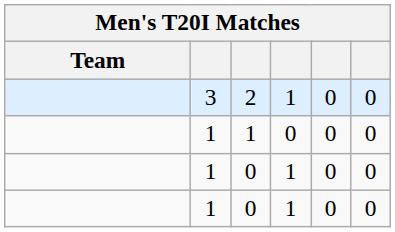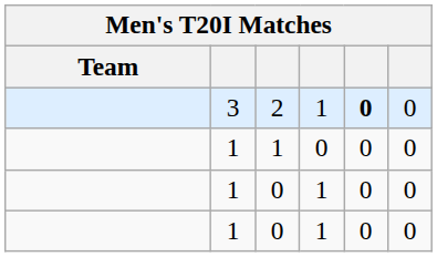 <table class="wikitable" style="text-align:center">
 <tr>
 <th colspan=6>Men's T20I Matches</th>
 </tr>
 <tr>
 <th width=120>Team</th>
 <th width=20></th>
 <th width=20></th>
 <th width=20></th>
 <th width=20></th>
 <th width=20></th>
 </tr>
 <tr bgcolor="#ddeeff">
 <td align="left"></td>
 <td>3</td>
 <td>2</td>
 <td>1</td>
-<td>0</td>
+<td><strong>0</strong></td>
 <td>0</td>
 </tr>
 <tr>
 <td align="left"></td>
 <td>1</td>
 <td>1</td>
 <td>0</td>
 <td>0</td>
 <td>0</td>
 </tr>
 <tr>
 <td align="left"></td>
 <td>1</td>
 <td>0</td>
 <td>1</td>
 <td>0</td>
 <td>0</td>
 </tr>
 <tr>
 <td align="left"></td>
 <td>1</td>
 <td>0</td>
 <td>1</td>
 <td>0</td>
 <td>0</td>
 </tr>
 </table>
